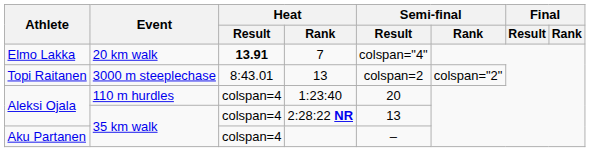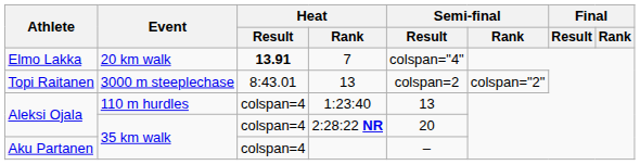 <table class="wikitable" style="font-size:90%">
 <tr>
 <th rowspan="2">Athlete</th>
 <th rowspan="2">Event</th>
 <th colspan="2">Heat</th>
 <th colspan="2">Semi-final</th>
 <th colspan="2">Final</th>
 </tr>
 <tr style="font-size:95%">
 <th>Result</th>
 <th>Rank</th>
 <th>Result</th>
 <th>Rank</th>
 <th>Result</th>
 <th>Rank</th>
 </tr>
 <tr align=center>
 <td align=left><a href='#'>Elmo Lakka</a></td>
 <td align=left><a href='#'>20 km walk</a></td>
 <td><strong>13.91</strong></td>
 <td>7</td>
 <td>colspan="4" </td>
 </tr>
 <tr align=center>
 <td align=left><a href='#'>Topi Raitanen</a></td>
 <td align=left><a href='#'>3000 m steeplechase</a></td>
 <td>8:43.01</td>
 <td>13</td>
 <td>colspan=2 </td>
 <td>colspan="2" </td>
 </tr>
 <tr align=center>
 <td align=left rowspan=2><a href='#'>Aleksi Ojala</a></td>
 <td align=left><a href='#'>110 m hurdles</a></td>
 <td>colspan=4 </td>
 <td>1:23:40</td>
-<td>20</td>
+<td>13</td>
 </tr>
 <tr align=center>
 <td align=left rowspan=2><a href='#'>35 km walk</a></td>
 <td>colspan=4 </td>
 <td>2:28:22 <strong><a href='#'>NR</a></strong></td>
-<td>13</td>
+<td>20</td>
 </tr>
 <tr align=center>
 <td align=left><a href='#'>Aku Partanen</a></td>
 <td>colspan=4 </td>
 <td></td>
 <td>–</td>
 </tr>
 </table>
